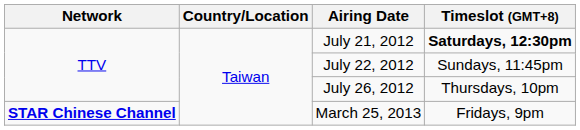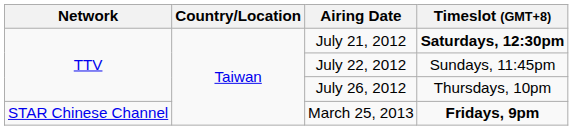 <table class="wikitable">
 <tr>
 <th>Network</th>
 <th>Country/Location</th>
 <th>Airing Date</th>
 <th>Timeslot <small>(GMT+8)</small></th>
 </tr>
 <tr align="center">
 <td rowspan=3><a href='#'>TTV</a></td>
 <td rowspan=4><a href='#'>Taiwan</a></td>
 <td>July 21, 2012</td>
 <td><strong>Saturdays, 12:30pm</strong></td>
 </tr>
 <tr align="center">
 <td>July 22, 2012</td>
 <td>Sundays, 11:45pm</td>
 </tr>
 <tr align=center>
 <td>July 26, 2012</td>
 <td>Thursdays, 10pm</td>
 </tr>
 <tr align=center>
-<td><strong><a href='#'>STAR Chinese Channel</a></strong></td>
+<td><a href='#'>STAR Chinese Channel</a></td>
 <td>March 25, 2013</td>
-<td>Fridays, 9pm</td>
+<td><strong>Fridays, 9pm</strong></td>
 </tr>
 </table>
